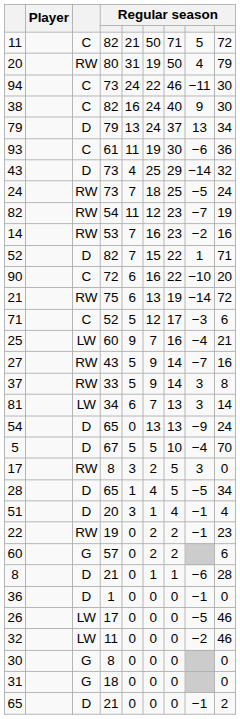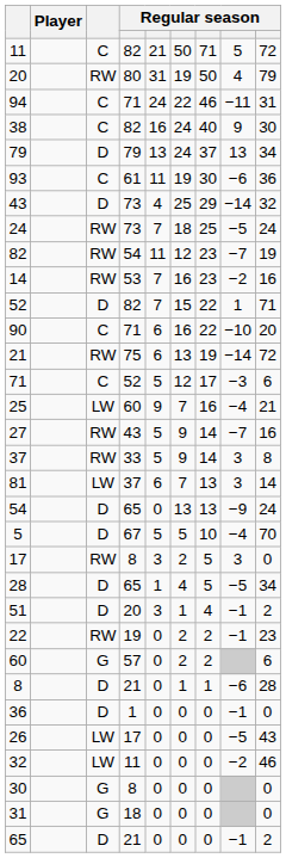 <table class="wikitable sortable plainrowheaders" style="text-align:center;">
 <tr>
 <th scope="col" data-sort-type="number" rowspan="2"></th>
 <th scope="col" rowspan="2">Player</th>
 <th scope="col" rowspan="2"></th>
 <th scope=colgroup colspan=6>Regular season</th>
 </tr>
 <tr>
 <th scope="col" data-sort-type="number"></th>
 <th scope="col" data-sort-type="number"></th>
 <th scope="col" data-sort-type="number"></th>
 <th scope="col" data-sort-type="number"></th>
 <th scope="col" data-sort-type="number"></th>
 <th scope="col" data-sort-type="number"></th>
 </tr>
 <tr>
 <td scope="row">11</td>
 <td align="left"></td>
 <td>C</td>
 <td>82</td>
 <td>21</td>
 <td>50</td>
 <td>71</td>
 <td>5</td>
 <td>72</td>
 </tr>
 <tr>
 <td scope="row">20</td>
 <td align="left"></td>
 <td>RW</td>
 <td>80</td>
 <td>31</td>
 <td>19</td>
 <td>50</td>
 <td>4</td>
 <td>79</td>
 </tr>
 <tr>
 <td scope="row">94</td>
 <td align="left"></td>
 <td>C</td>
-<td>73</td>
+<td>71</td>
 <td>24</td>
 <td>22</td>
 <td>46</td>
 <td>−11</td>
-<td>30</td>
+<td>31</td>
 </tr>
 <tr>
 <td scope="row">38</td>
 <td align="left"></td>
 <td>C</td>
 <td>82</td>
 <td>16</td>
 <td>24</td>
 <td>40</td>
 <td>9</td>
 <td>30</td>
 </tr>
 <tr>
 <td scope="row">79</td>
 <td align="left"></td>
 <td>D</td>
 <td>79</td>
 <td>13</td>
 <td>24</td>
 <td>37</td>
 <td>13</td>
 <td>34</td>
 </tr>
 <tr>
 <td scope="row">93</td>
 <td align="left"></td>
 <td>C</td>
 <td>61</td>
 <td>11</td>
 <td>19</td>
 <td>30</td>
 <td>−6</td>
 <td>36</td>
 </tr>
 <tr>
 <td scope="row">43</td>
 <td align="left"></td>
 <td>D</td>
 <td>73</td>
 <td>4</td>
 <td>25</td>
 <td>29</td>
 <td>−14</td>
 <td>32</td>
 </tr>
 <tr>
 <td scope="row">24</td>
 <td align="left"></td>
 <td>RW</td>
 <td>73</td>
 <td>7</td>
 <td>18</td>
 <td>25</td>
 <td>−5</td>
 <td>24</td>
 </tr>
 <tr>
 <td scope="row">82</td>
 <td align="left"></td>
 <td>RW</td>
 <td>54</td>
 <td>11</td>
 <td>12</td>
 <td>23</td>
 <td>−7</td>
 <td>19</td>
 </tr>
 <tr>
 <td scope="row">14</td>
 <td align="left"></td>
 <td>RW</td>
 <td>53</td>
 <td>7</td>
 <td>16</td>
 <td>23</td>
 <td>−2</td>
 <td>16</td>
 </tr>
 <tr>
 <td scope="row">52</td>
 <td align="left"></td>
 <td>D</td>
 <td>82</td>
 <td>7</td>
 <td>15</td>
 <td>22</td>
 <td>1</td>
 <td>71</td>
 </tr>
 <tr>
 <td scope="row">90</td>
 <td align="left"></td>
 <td>C</td>
-<td>72</td>
+<td>71</td>
 <td>6</td>
 <td>16</td>
 <td>22</td>
 <td>−10</td>
 <td>20</td>
 </tr>
 <tr>
 <td scope="row">21</td>
 <td align="left"></td>
 <td>RW</td>
 <td>75</td>
 <td>6</td>
 <td>13</td>
 <td>19</td>
 <td>−14</td>
 <td>72</td>
 </tr>
 <tr>
 <td scope="row">71</td>
 <td align="left"></td>
 <td>C</td>
 <td>52</td>
 <td>5</td>
 <td>12</td>
 <td>17</td>
 <td>−3</td>
 <td>6</td>
 </tr>
 <tr>
 <td scope="row">25</td>
 <td align="left"></td>
 <td>LW</td>
 <td>60</td>
 <td>9</td>
 <td>7</td>
 <td>16</td>
 <td>−4</td>
 <td>21</td>
 </tr>
 <tr>
 <td scope="row">27</td>
 <td align="left"></td>
 <td>RW</td>
 <td>43</td>
 <td>5</td>
 <td>9</td>
 <td>14</td>
 <td>−7</td>
 <td>16</td>
 </tr>
 <tr>
 <td scope="row">37</td>
 <td align="left"></td>
 <td>RW</td>
 <td>33</td>
 <td>5</td>
 <td>9</td>
 <td>14</td>
 <td>3</td>
 <td>8</td>
 </tr>
 <tr>
 <td scope="row">81</td>
 <td align="left"></td>
 <td>LW</td>
-<td>34</td>
+<td>37</td>
 <td>6</td>
 <td>7</td>
 <td>13</td>
 <td>3</td>
 <td>14</td>
 </tr>
 <tr>
 <td scope="row">54</td>
 <td align="left"></td>
 <td>D</td>
 <td>65</td>
 <td>0</td>
 <td>13</td>
 <td>13</td>
 <td>−9</td>
 <td>24</td>
 </tr>
 <tr>
 <td scope="row">5</td>
 <td align="left"></td>
 <td>D</td>
 <td>67</td>
 <td>5</td>
 <td>5</td>
 <td>10</td>
 <td>−4</td>
 <td>70</td>
 </tr>
 <tr>
 <td scope="row">17</td>
 <td align="left"></td>
 <td>RW</td>
 <td>8</td>
 <td>3</td>
 <td>2</td>
 <td>5</td>
 <td>3</td>
 <td>0</td>
 </tr>
 <tr>
 <td scope="row">28</td>
 <td align="left"></td>
 <td>D</td>
 <td>65</td>
 <td>1</td>
 <td>4</td>
 <td>5</td>
 <td>−5</td>
 <td>34</td>
 </tr>
 <tr>
 <td scope="row">51</td>
 <td align="left"></td>
 <td>D</td>
 <td>20</td>
 <td>3</td>
 <td>1</td>
 <td>4</td>
 <td>−1</td>
-<td>4</td>
+<td>2</td>
 </tr>
 <tr>
 <td scope="row">22</td>
 <td align="left"></td>
 <td>RW</td>
 <td>19</td>
 <td>0</td>
 <td>2</td>
 <td>2</td>
 <td>−1</td>
 <td>23</td>
 </tr>
 <tr>
 <td scope="row">60</td>
 <td align="left"></td>
 <td>G</td>
 <td>57</td>
 <td>0</td>
 <td>2</td>
 <td>2</td>
 <td style="background:#ccc"></td>
 <td>6</td>
 </tr>
 <tr>
 <td scope="row">8</td>
 <td align="left"></td>
 <td>D</td>
 <td>21</td>
 <td>0</td>
 <td>1</td>
 <td>1</td>
 <td>−6</td>
 <td>28</td>
 </tr>
 <tr>
 <td scope="row">36</td>
 <td align="left"></td>
 <td>D</td>
 <td>1</td>
 <td>0</td>
 <td>0</td>
 <td>0</td>
 <td>−1</td>
 <td>0</td>
 </tr>
 <tr>
 <td scope="row">26</td>
 <td align="left"></td>
 <td>LW</td>
 <td>17</td>
 <td>0</td>
 <td>0</td>
 <td>0</td>
 <td>−5</td>
-<td>46</td>
+<td>43</td>
 </tr>
 <tr>
 <td scope="row">32</td>
 <td align="left"></td>
 <td>LW</td>
 <td>11</td>
 <td>0</td>
 <td>0</td>
 <td>0</td>
 <td>−2</td>
 <td>46</td>
 </tr>
 <tr>
 <td scope="row">30</td>
 <td align="left"></td>
 <td>G</td>
 <td>8</td>
 <td>0</td>
 <td>0</td>
 <td>0</td>
 <td style="background:#ccc"></td>
 <td>0</td>
 </tr>
 <tr>
 <td scope="row">31</td>
 <td align="left"></td>
 <td>G</td>
 <td>18</td>
 <td>0</td>
 <td>0</td>
 <td>0</td>
 <td style="background:#ccc"></td>
 <td>0</td>
 </tr>
 <tr>
 <td scope="row">65</td>
 <td align="left"></td>
 <td>D</td>
 <td>21</td>
 <td>0</td>
 <td>0</td>
 <td>0</td>
 <td>−1</td>
 <td>2</td>
 </tr>
 </table>
